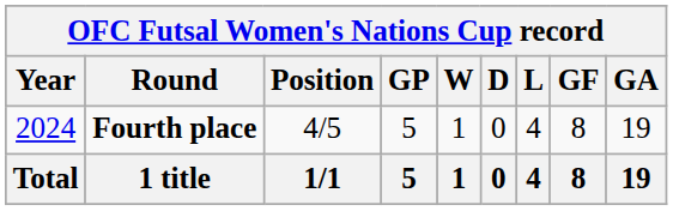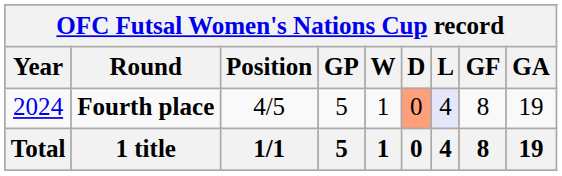 <table class="wikitable" style="text-align: center;font-size:90%;">
 <tr>
 <th colspan=9><a href='#'>OFC Futsal Women's Nations Cup</a> record</th>
 </tr>
 <tr>
 <th>Year</th>
 <th>Round</th>
 <th>Position</th>
 <th>GP</th>
 <th>W</th>
 <th>D</th>
 <th>L</th>
 <th>GF</th>
 <th>GA</th>
 </tr>
 <tr>
 <td> <a href='#'>2024</a></td>
 <td><strong>Fourth place</strong></td>
 <td>4/5</td>
 <td>5</td>
 <td>1</td>
-<td>0</td>
-<td>4</td>
+<td style="background: lightsalmon;">0</td>
+<td style="background: lavender;">4</td>
 <td>8</td>
 <td>19</td>
 </tr>
 <tr>
 <th><strong>Total</strong></th>
 <th>1 title</th>
 <th><strong>1/1</strong></th>
 <th><strong>5</strong></th>
 <th><strong>1</strong></th>
 <th><strong>0</strong></th>
 <th><strong>4</strong></th>
 <th><strong>8</strong></th>
 <th><strong>19</strong></th>
 </tr>
 </table>
